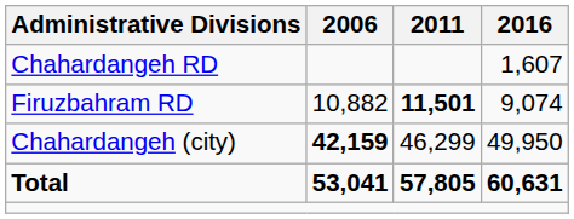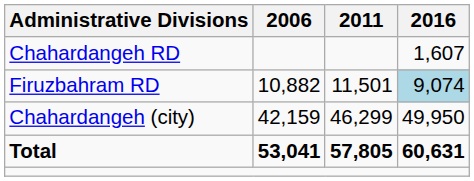 <table class="wikitable">
 <tr>
 <th>Administrative Divisions</th>
 <th>2006</th>
 <th>2011</th>
 <th>2016</th>
 </tr>
 <tr>
 <td><a href='#'>Chahardangeh RD</a></td>
 <td style="text-align: right;"></td>
 <td style="text-align: right;"></td>
 <td style="text-align: right;">1,607</td>
 </tr>
 <tr>
 <td><a href='#'>Firuzbahram RD</a></td>
 <td style="text-align: right;">10,882</td>
-<td style="text-align: right;"><strong>11,501</strong></td>
-<td style="text-align: right;">9,074</td>
+<td style="text-align: right;">11,501</td>
+<td style="background: lightblue; text-align: right;">9,074</td>
 </tr>
 <tr>
 <td><a href='#'>Chahardangeh</a> (city)</td>
-<td style="text-align: right;"><strong>42,159</strong></td>
+<td style="text-align: right;">42,159</td>
 <td style="text-align: right;">46,299</td>
 <td style="text-align: right;">49,950</td>
 </tr>
 <tr>
 <td><strong>Total</strong></td>
 <td style="text-align: right;"><strong>53,041</strong></td>
 <td style="text-align: right;"><strong>57,805</strong></td>
 <td style="text-align: right;"><strong>60,631</strong></td>
 </tr>
 <tr>
 <td colspan=4></td>
 </tr>
 </table>
